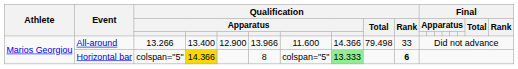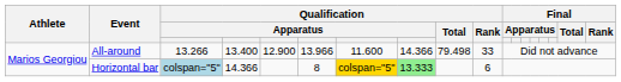 <table class="wikitable" style="font-size:90%">
 <tr>
 <th rowspan=3>Athlete</th>
 <th rowspan=3>Event</th>
 <th colspan =8>Qualification</th>
 <th colspan =8>Final</th>
 </tr>
 <tr style="font-size:95%">
 <th colspan=6>Apparatus</th>
 <th rowspan=2>Total</th>
 <th rowspan=2>Rank</th>
 <th colspan=6>Apparatus</th>
 <th rowspan=2>Total</th>
 <th rowspan=2>Rank</th>
 </tr>
 <tr style="font-size:95%">
 <th></th>
 <th></th>
 <th></th>
 <th></th>
 <th></th>
 <th></th>
 <th></th>
 <th></th>
 <th></th>
 <th></th>
 <th></th>
 <th></th>
 </tr>
 <tr align=center>
 <td rowspan="2" align="left"><a href='#'>Marios Georgiou</a></td>
 <td align=left><a href='#'>All-around</a></td>
 <td>13.266</td>
 <td>13.400</td>
 <td>12.900</td>
 <td>13.966</td>
 <td>11.600</td>
 <td>14.366</td>
 <td>79.498</td>
 <td>33</td>
 <td colspan="8">Did not advance</td>
 </tr>
 <tr align=center>
 <td align=left><a href='#'>Horizontal bar</a></td>
-<td>colspan="5" </td>
-<td style="background: gold;">14.366</td>
+<td style="background: lightblue;">colspan="5" </td>
+<td>14.366</td>
 <td></td>
 <td>8</td>
-<td>colspan="5" </td>
+<td style="background: gold;">colspan="5" </td>
 <td style="background: lightgreen;">13.333</td>
 <td></td>
-<td><strong>6</strong></td>
+<td>6</td>
 </tr>
 </table>
